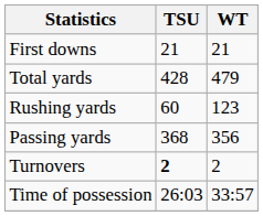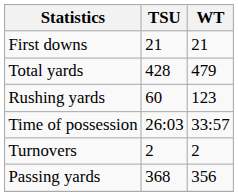 <table class="wikitable">
 <tr>
 <th>Statistics</th>
 <th>TSU</th>
 <th>WT</th>
 </tr>
 <tr>
 <td>First downs</td>
 <td>21</td>
 <td>21</td>
 </tr>
 <tr>
 <td>Total yards</td>
 <td>428</td>
 <td>479</td>
 </tr>
 <tr>
 <td>Rushing yards</td>
 <td>60</td>
 <td>123</td>
 </tr>
 <tr>
+<td>Time of possession</td>
+<td>26:03</td>
+<td>33:57</td>
+</tr>
+<tr>
+<td>Turnovers</td>
+<td>2</td>
+<td>2</td>
+</tr>
+<tr>
 <td>Passing yards</td>
 <td>368</td>
 <td>356</td>
 </tr>
 <tr>
-<td>Turnovers</td>
-<td><strong>2</strong></td>
-<td>2</td>
-</tr>
-<tr>
-<td>Time of possession</td>
-<td>26:03</td>
-<td>33:57</td>
-</tr>
-<tr>
 </tr>
 </table>
